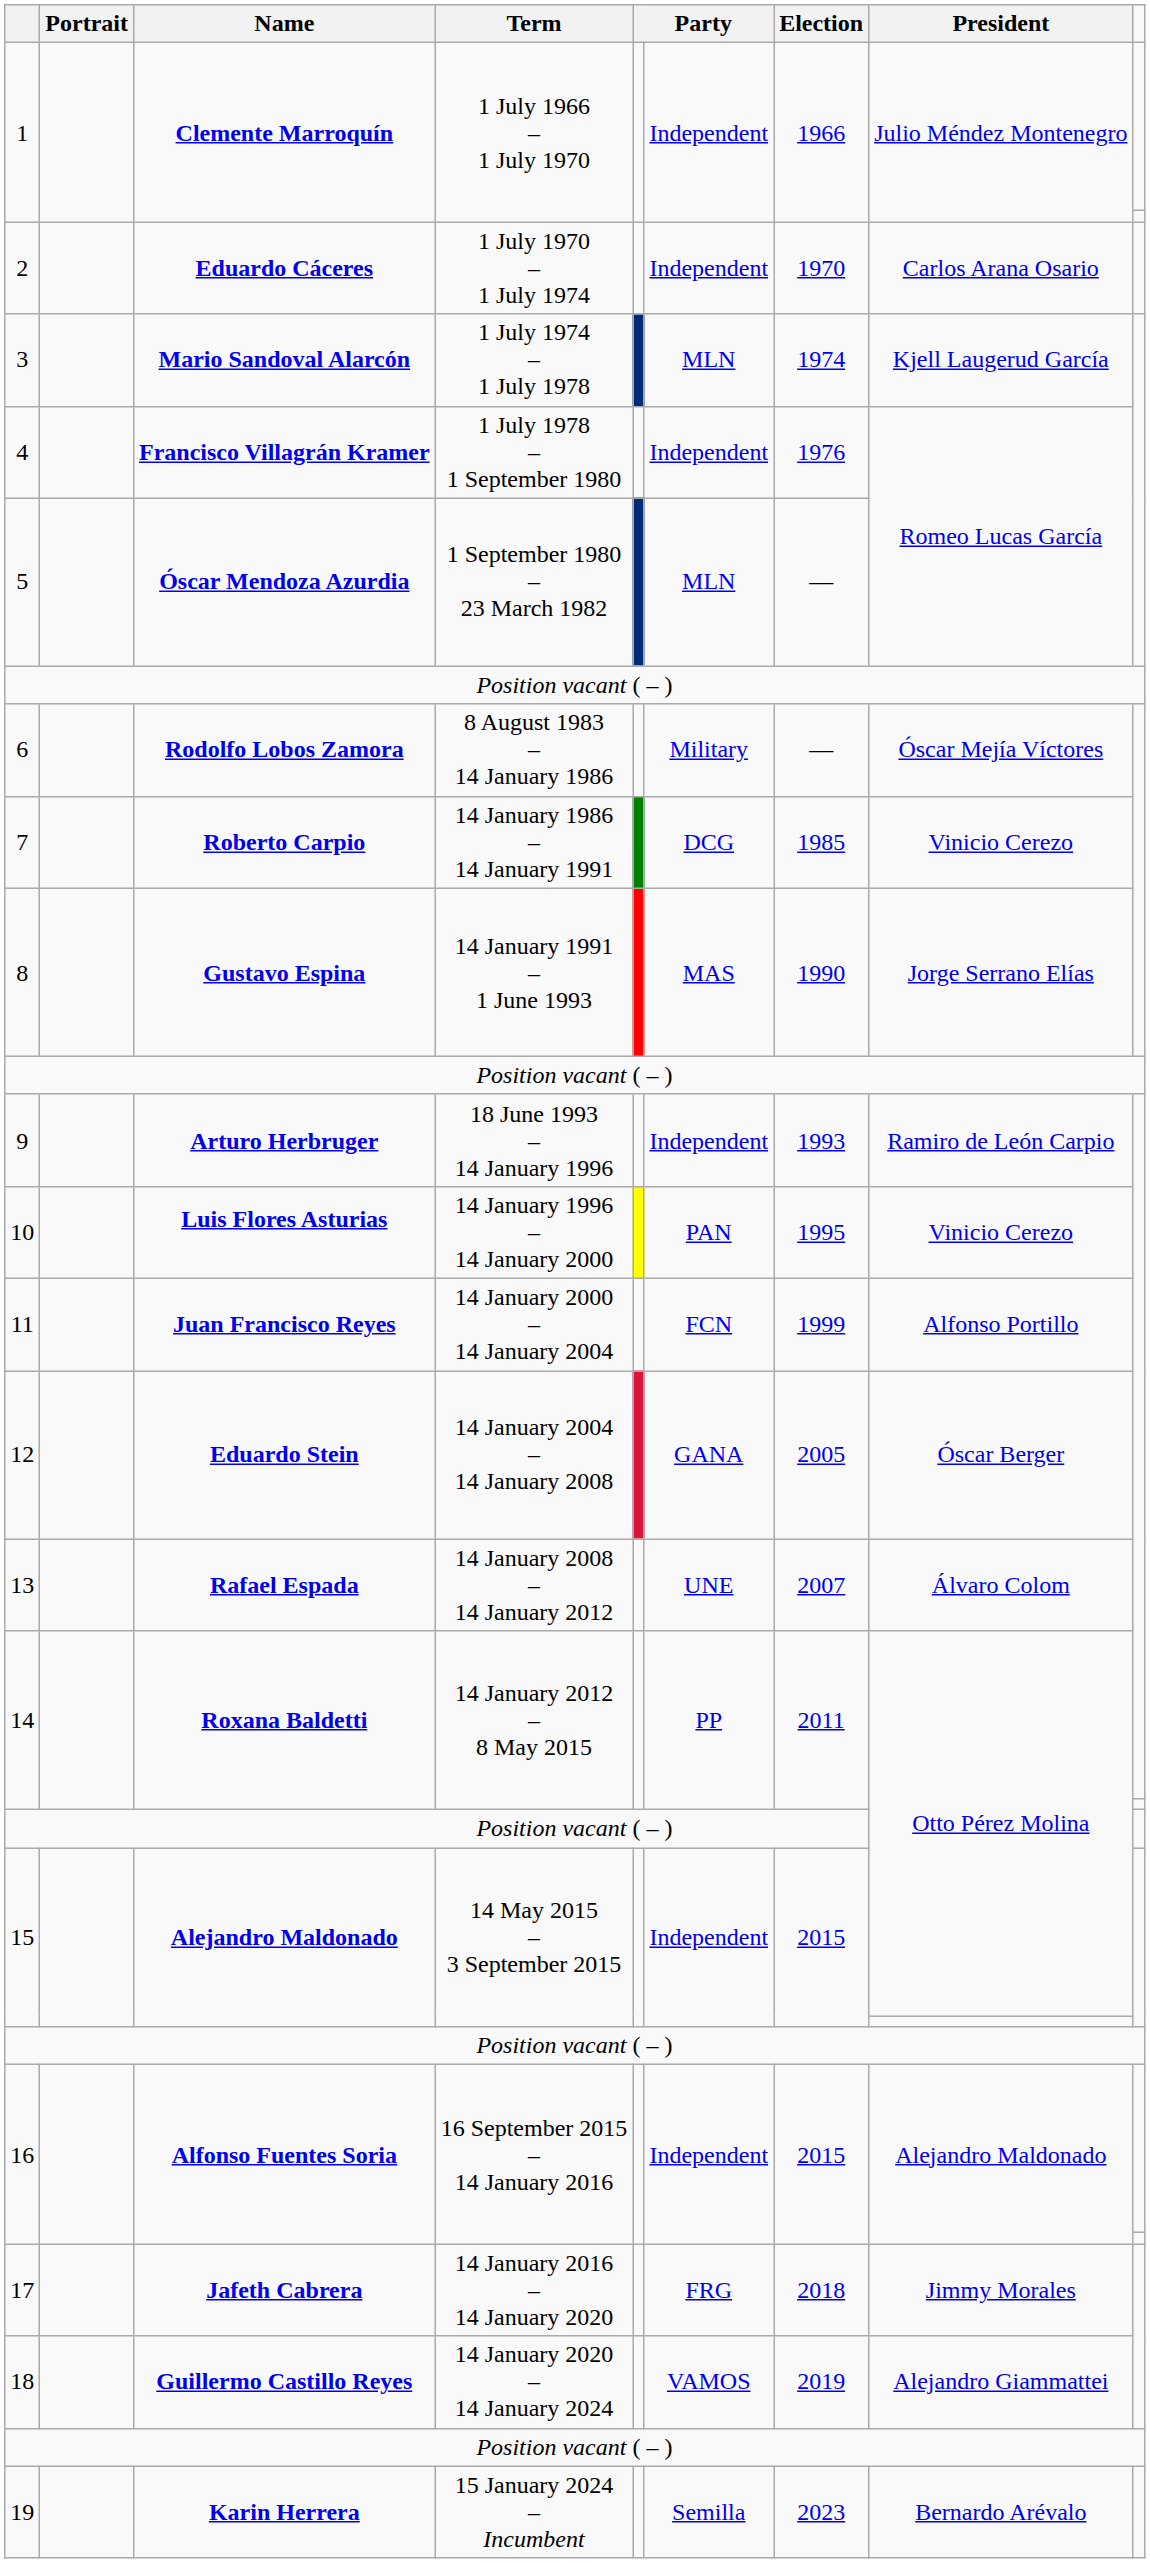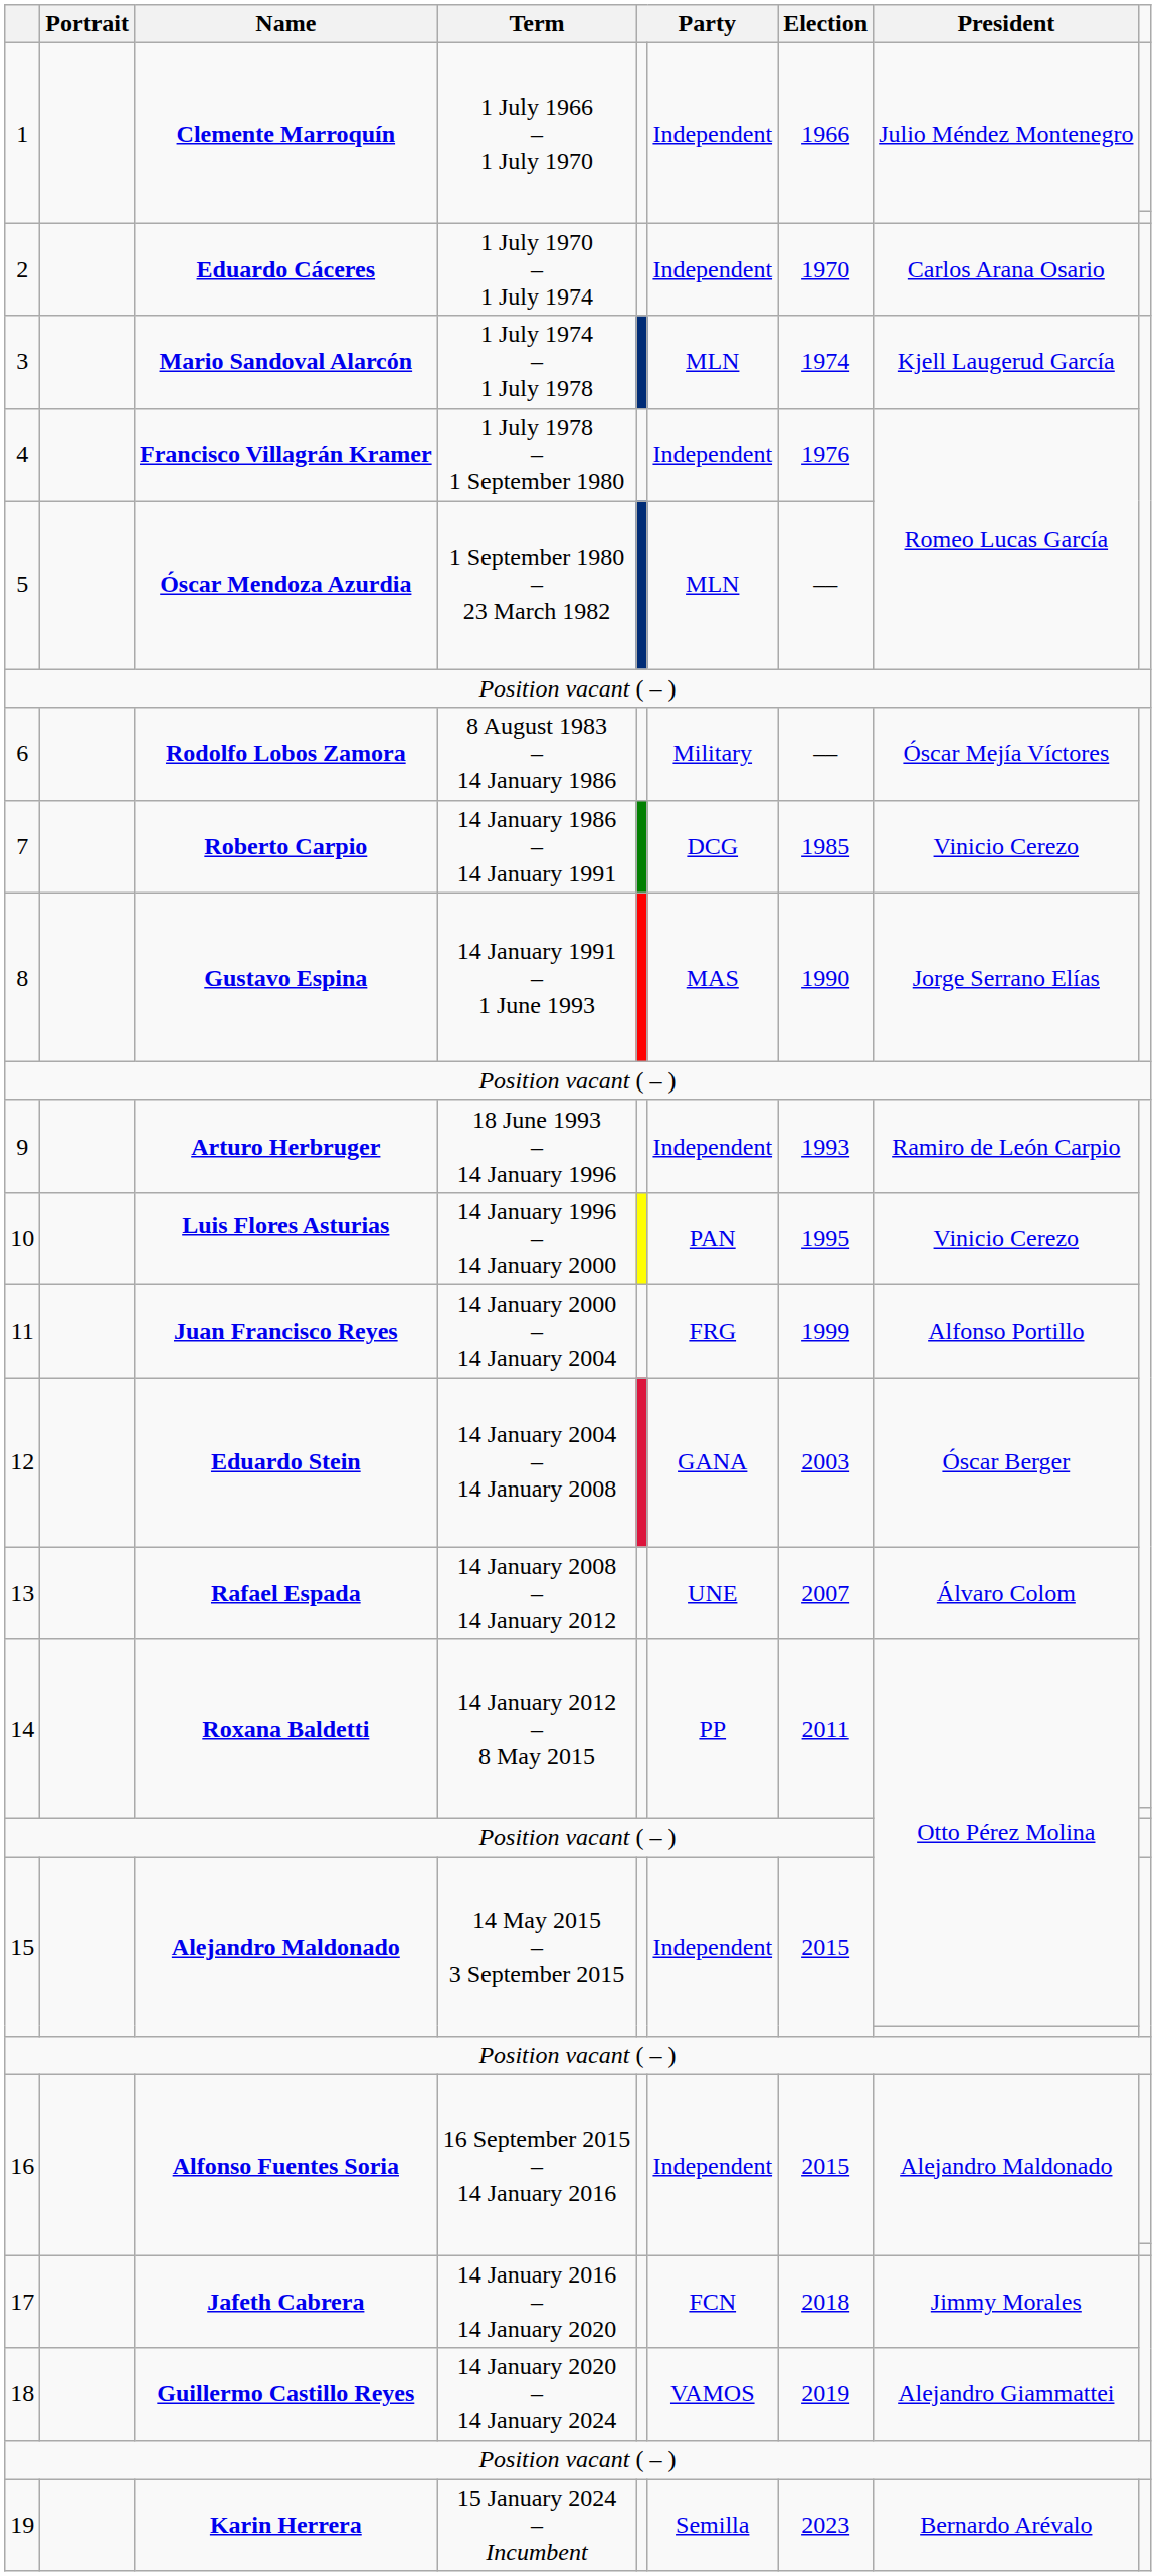 <table class="wikitable sortable" style="text-align:center">
 <tr>
 <th scope="col"></th>
 <th scope="col" class="unsortable">Portrait</th>
 <th scope="col">Name<br></th>
 <th scope="col" class="unsortable">Term</th>
 <th scope="col" colspan=2>Party</th>
 <th scope="col" class="unsortable">Election</th>
 <th scope="col">President</th>
 <td></td>
 </tr>
 <tr style="height:7em;">
 <td rowspan="2">1</td>
 <td rowspan="2"></td>
 <td rowspan="2" data-sort-value="Marroquín, Clemente"><strong><a href='#'>Clemente Marroquín</a></strong><br></td>
 <td rowspan="2">1 July 1966<br>–<br>1 July 1970</td>
 <td rowspan="2" style="background:"></td>
 <td rowspan="2"><a href='#'>Independent</a></td>
 <td rowspan="2"><a href='#'>1966</a></td>
 <td rowspan="2" data-sort-value="Montenegro, Julio"><a href='#'>Julio Méndez Montenegro</a></td>
 </tr>
 <tr>
 <td></td>
 </tr>
 <tr>
 <td>2</td>
 <td></td>
 <td data-sort-value="Cáceres, Eduardo"><strong><a href='#'>Eduardo Cáceres</a></strong><br></td>
 <td>1 July 1970<br>–<br>1 July 1974</td>
 <td style="background:"></td>
 <td><a href='#'>Independent</a></td>
 <td><a href='#'>1970</a></td>
 <td><a href='#'>Carlos Arana Osario</a></td>
 <td></td>
 </tr>
 <tr>
 <td>3</td>
 <td></td>
 <td data-sort-value="Alarcón, Mario"><strong><a href='#'>Mario Sandoval Alarcón</a></strong><br></td>
 <td>1 July 1974<br>–<br>1 July 1978</td>
 <td style="background:#002C77"></td>
 <td><a href='#'>MLN</a></td>
 <td><a href='#'>1974</a></td>
 <td><a href='#'>Kjell Laugerud García</a></td>
 </tr>
 <tr>
 <td>4</td>
 <td></td>
 <td data-sort-value="Kramer, [Francisco"><strong><a href='#'>Francisco Villagrán Kramer</a></strong><br></td>
 <td>1 July 1978<br>–<br>1 September 1980</td>
 <td style="background:"></td>
 <td><a href='#'>Independent</a></td>
 <td><a href='#'>1976</a></td>
 <td rowspan="2"><a href='#'>Romeo Lucas García</a></td>
 </tr>
 <tr style="height:7em;">
 <td>5</td>
 <td></td>
 <td data-sort-value="Azurdia, Óscar"><strong><a href='#'>Óscar Mendoza Azurdia</a></strong><br></td>
 <td>1 September 1980<br>–<br>23 March 1982</td>
 <td style="background:#002C77"></td>
 <td><a href='#'>MLN</a></td>
 <td>––</td>
 </tr>
 <tr>
 <td colspan="10"><em>Position vacant</em> ( – )</td>
 </tr>
 <tr>
 <td>6</td>
 <td></td>
 <td data-sort-value="Zamora, Rodolfo"><strong><a href='#'>Rodolfo Lobos Zamora</a></strong><br></td>
 <td>8 August 1983<br>–<br>14 January 1986</td>
 <td style="background:"></td>
 <td><a href='#'>Military</a></td>
 <td>––</td>
 <td data-sort-value="Víctores, Óscar"><a href='#'>Óscar Mejía Víctores</a></td>
 </tr>
 <tr>
 <td>7</td>
 <td></td>
 <td data-sort-value="Carpio, Roberto"><strong><a href='#'>Roberto Carpio</a></strong><br></td>
 <td>14 January 1986<br>–<br>14 January 1991</td>
 <td style="background:Green"></td>
 <td><a href='#'>DCG</a></td>
 <td><a href='#'>1985</a></td>
 <td><a href='#'>Vinicio Cerezo</a></td>
 </tr>
 <tr style="height:7em;">
 <td>8</td>
 <td></td>
 <td data-sort-value="Espina, Gustavo"><strong><a href='#'>Gustavo Espina</a></strong><br></td>
 <td>14 January 1991<br>–<br>1 June 1993</td>
 <td style="background:red"></td>
 <td><a href='#'>MAS</a></td>
 <td><a href='#'>1990</a></td>
 <td data-sort-value="Serrano, Jorge"><a href='#'>Jorge Serrano Elías</a></td>
 </tr>
 <tr>
 <td colspan="10"><em>Position vacant</em> ( – )</td>
 </tr>
 <tr>
 <td>9</td>
 <td></td>
 <td data-sort-value="Herbruger, Arturo"><strong><a href='#'>Arturo Herbruger</a></strong><br></td>
 <td>18 June 1993<br>–<br>14 January 1996</td>
 <td style="background:"></td>
 <td><a href='#'>Independent</a></td>
 <td><a href='#'>1993</a></td>
 <td><a href='#'>Ramiro de León Carpio</a></td>
 </tr>
 <tr>
 <td>10</td>
 <td></td>
 <td data-sort-value="Asturias, Luis"><strong><a href='#'>Luis Flores Asturias</a></strong><br><br></td>
 <td>14 January 1996<br>–<br>14 January 2000</td>
 <td style="background:Yellow;"></td>
 <td><a href='#'>PAN</a></td>
 <td><a href='#'>1995</a></td>
 <td><a href='#'>Vinicio Cerezo</a></td>
 </tr>
 <tr>
 <td>11</td>
 <td></td>
 <td data-sort-value="Reyes, Juan"><strong><a href='#'>Juan Francisco Reyes</a></strong><br></td>
 <td>14 January 2000<br>–<br>14 January 2004</td>
 <td style="background:"></td>
-<td><a href='#'>FCN</a></td>
+<td><a href='#'>FRG</a></td>
 <td><a href='#'>1999</a></td>
 <td data-sort-value="Portillo, Alfonso"><a href='#'>Alfonso Portillo</a></td>
 </tr>
 <tr style="height:7em;">
 <td>12</td>
 <td></td>
 <td data-sort-value="Stein, Eduardo"><strong><a href='#'>Eduardo Stein</a></strong><br></td>
 <td>14 January 2004<br>–<br>14 January 2008</td>
 <td style="background:Crimson "></td>
 <td><a href='#'>GANA</a></td>
-<td><a href='#'>2005</a></td>
+<td><a href='#'>2003</a></td>
 <td data-sort-value="berger, Oscar"><a href='#'>Óscar Berger</a></td>
 </tr>
 <tr>
 <td>13</td>
 <td></td>
 <td data-sort-value="Espada, Rafael"><strong><a href='#'>Rafael Espada</a></strong><br></td>
 <td>14 January 2008<br>–<br>14 January 2012</td>
 <td style="background:"></td>
 <td><a href='#'>UNE</a></td>
 <td><a href='#'>2007</a></td>
 <td data-sort-value="Colom, Alvaro"><a href='#'>Álvaro Colom</a></td>
 </tr>
 <tr style="height:7em;">
 <td rowspan=2>14</td>
 <td rowspan="2"></td>
 <td rowspan="2" data-sort-value="Baldetti, Roxana"><strong><a href='#'>Roxana Baldetti</a></strong><br></td>
 <td rowspan=2>14 January 2012<br>–<br>8 May 2015</td>
 <td rowspan=2 style="background:"></td>
 <td rowspan=2><a href='#'>PP</a></td>
 <td rowspan="2"><a href='#'>2011</a></td>
 <td rowspan="4" data-sort-value="Molina, Otto"><a href='#'>Otto Pérez Molina</a></td>
 </tr>
 <tr>
 <td></td>
 </tr>
 <tr>
 <td colspan="10"><em>Position vacant</em> ( – )</td>
 </tr>
 <tr style="height:7em;">
 <td rowspan=2>15</td>
 <td rowspan="2"></td>
 <td rowspan="2" data-sort-value="Maldonado, Alejandro"><strong><a href='#'>Alejandro Maldonado</a></strong><br></td>
 <td rowspan=2>14 May 2015<br>–<br>3 September 2015</td>
 <td rowspan=2 style="background:"></td>
 <td rowspan=2><a href='#'>Independent</a></td>
 <td rowspan="2"><a href='#'>2015</a></td>
 </tr>
 <tr>
 <td></td>
 </tr>
 <tr>
 <td colspan="10"><em>Position vacant</em> ( – )</td>
 </tr>
 <tr style="height:7em;">
 <td rowspan=2>16</td>
 <td rowspan="2"></td>
 <td rowspan="2" data-sort-value="Soria, Juan"><strong><a href='#'>Alfonso Fuentes Soria</a></strong><br></td>
 <td rowspan=2>16 September 2015<br>–<br>14 January 2016</td>
 <td rowspan=2 style="background:"></td>
 <td rowspan=2><a href='#'>Independent</a></td>
 <td rowspan="2"><a href='#'>2015</a></td>
 <td rowspan=2 data-sort-value="Maldonado, Alejandro"><a href='#'>Alejandro Maldonado</a></td>
 </tr>
 <tr>
 <td></td>
 </tr>
 <tr>
 <td>17</td>
 <td></td>
 <td data-sort-value="Cabrera, Jafeth"><strong><a href='#'>Jafeth Cabrera</a></strong><br></td>
 <td>14 January 2016<br>–<br>14 January 2020</td>
 <td style="background:"></td>
-<td><a href='#'>FRG</a></td>
+<td><a href='#'>FCN</a></td>
 <td><a href='#'>2018</a></td>
 <td data-sort-value="Morales, Jimmy"><a href='#'>Jimmy Morales</a></td>
 </tr>
 <tr>
 <td>18</td>
 <td></td>
 <td data-sort-value="Castillo, Guillermo"><strong><a href='#'>Guillermo Castillo Reyes</a></strong><br></td>
 <td>14 January 2020<br>–<br>14 January 2024</td>
 <td style="background:"></td>
 <td><a href='#'>VAMOS</a></td>
 <td><a href='#'>2019</a></td>
 <td data-sort-value="Giammattei, Alejandro"><a href='#'>Alejandro Giammattei</a></td>
 </tr>
 <tr>
 <td colspan="10"><em>Position vacant</em> ( – )</td>
 </tr>
 <tr>
 <td>19</td>
 <td></td>
 <td data-sort-value="Herrera, Karin"><strong><a href='#'>Karin Herrera</a></strong><br></td>
 <td>15 January 2024<br>–<br><em>Incumbent</em></td>
 <td style="background:"></td>
 <td><a href='#'>Semilla</a></td>
 <td><a href='#'>2023</a></td>
 <td data-sort-value="Arévalo, Bernardo"><a href='#'>Bernardo Arévalo</a></td>
 </tr>
 </table>
